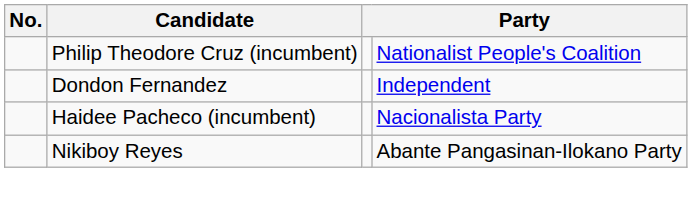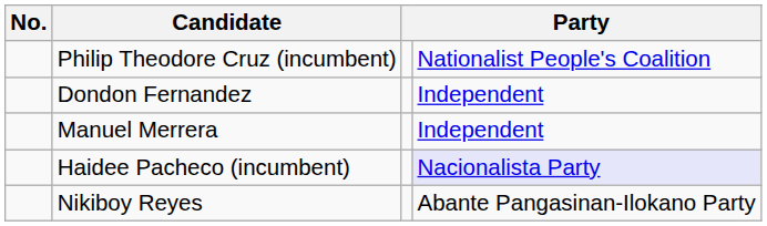 <table class="wikitable sortable" style="text-align:left;">
 <tr>
 <th>No.</th>
 <th>Candidate</th>
 <th colspan="2">Party</th>
 </tr>
 <tr>
 <td></td>
 <td>Philip Theodore Cruz (incumbent)</td>
 <td></td>
 <td><a href='#'>Nationalist People's Coalition</a></td>
 </tr>
 <tr>
 <td></td>
 <td>Dondon Fernandez</td>
 <td></td>
 <td><a href='#'>Independent</a></td>
 </tr>
 <tr>
 <td></td>
+<td>Manuel Merrera</td>
+<td></td>
+<td><a href='#'>Independent</a></td>
+</tr>
+<tr>
+<td></td>
 <td>Haidee Pacheco (incumbent)</td>
 <td></td>
-<td><a href='#'>Nacionalista Party</a></td>
+<td style="background: lavender;"><a href='#'>Nacionalista Party</a></td>
 </tr>
 <tr>
 <td></td>
 <td>Nikiboy Reyes</td>
 <td></td>
 <td>Abante Pangasinan-Ilokano Party</td>
 </tr>
 </table>
